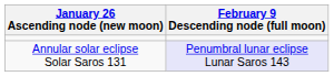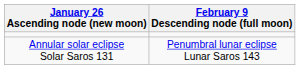 <table class="wikitable">
 <tr>
 <th><a href='#'>January 26</a><br>Ascending node (new moon)<br></th>
 <th><a href='#'>February 9</a><br>Descending node (full moon)<br></th>
 </tr>
 <tr>
 <td></td>
 <td></td>
 </tr>
 <tr align=center>
 <td><a href='#'>Annular solar eclipse</a><br>Solar Saros 131</td>
-<td style="background: lavender;"><a href='#'>Penumbral lunar eclipse</a><br>Lunar Saros 143</td>
+<td><a href='#'>Penumbral lunar eclipse</a><br>Lunar Saros 143</td>
 </tr>
 </table>
